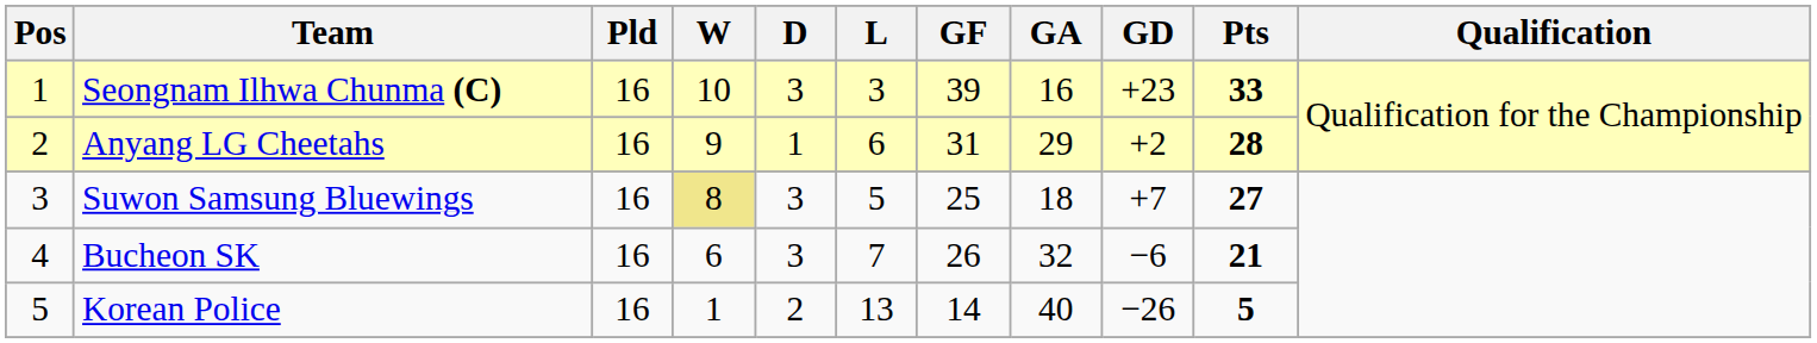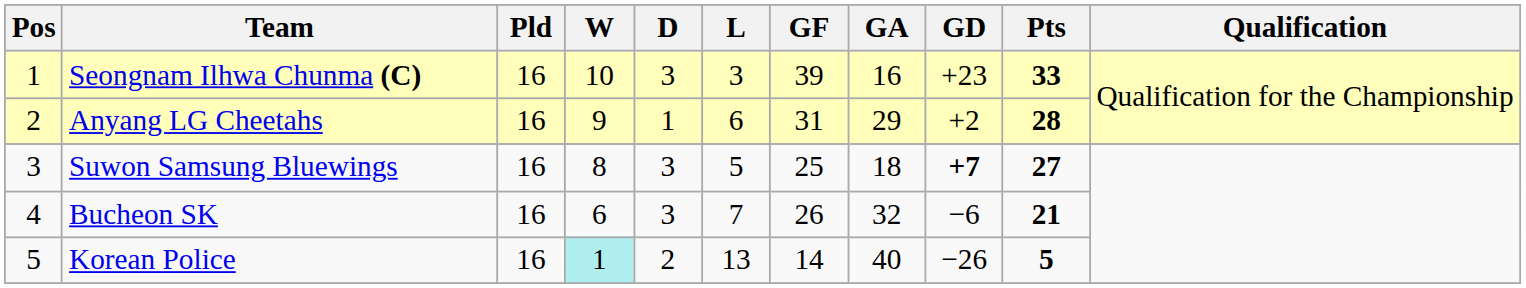 <table class="wikitable" style="text-align:center;">
 <tr>
 <th width=20>Pos</th>
 <th width=230>Team</th>
 <th width=30 abbr="Played">Pld</th>
 <th width=30 abbr="Won">W</th>
 <th width=30 abbr="Draw">D</th>
 <th width=30 abbr="Lost">L</th>
 <th width=35 abbr="Goals for">GF</th>
 <th width=35 abbr="Goals against">GA</th>
 <th width=35 abbr="Goal difference">GD</th>
 <th width=40 abbr="Points">Pts</th>
 <th>Qualification</th>
 </tr>
 <tr bgcolor=#ffffbb>
 <td>1</td>
 <td align="left"><a href='#'>Seongnam Ilhwa Chunma</a> <strong>(C)</strong></td>
 <td>16</td>
 <td>10</td>
 <td>3</td>
 <td>3</td>
 <td>39</td>
 <td>16</td>
 <td>+23</td>
 <td><strong>33</strong></td>
 <td rowspan=2>Qualification for the Championship</td>
 </tr>
 <tr bgcolor=#ffffbb>
 <td>2</td>
 <td align="left"><a href='#'>Anyang LG Cheetahs</a></td>
 <td>16</td>
 <td>9</td>
 <td>1</td>
 <td>6</td>
 <td>31</td>
 <td>29</td>
 <td>+2</td>
 <td><strong>28</strong></td>
 </tr>
 <tr>
 <td>3</td>
 <td align="left"><a href='#'>Suwon Samsung Bluewings</a></td>
 <td>16</td>
-<td style="background: khaki;">8</td>
+<td>8</td>
 <td>3</td>
 <td>5</td>
 <td>25</td>
 <td>18</td>
-<td>+7</td>
+<td><strong>+7</strong></td>
 <td><strong>27</strong></td>
 <td rowspan="3"></td>
 </tr>
 <tr>
 <td>4</td>
 <td align="left"><a href='#'>Bucheon SK</a></td>
 <td>16</td>
 <td>6</td>
 <td>3</td>
 <td>7</td>
 <td>26</td>
 <td>32</td>
 <td>−6</td>
 <td><strong>21</strong></td>
 </tr>
 <tr>
 <td>5</td>
 <td align="left"><a href='#'>Korean Police</a></td>
 <td>16</td>
-<td>1</td>
+<td style="background: paleturquoise;">1</td>
 <td>2</td>
 <td>13</td>
 <td>14</td>
 <td>40</td>
 <td>−26</td>
 <td><strong>5</strong></td>
 </tr>
 </table>
